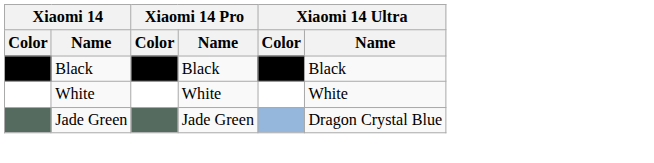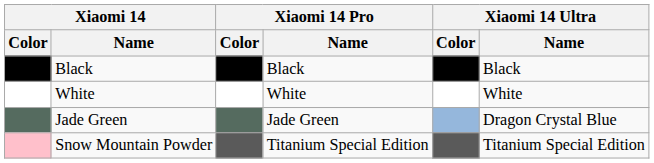 <table class="wikitable">
 <tr>
 <th colspan="2">Xiaomi 14</th>
 <th colspan="2">Xiaomi 14 Pro</th>
 <th colspan="2">Xiaomi 14 Ultra</th>
 </tr>
 <tr>
 <th>Color</th>
 <th>Name</th>
 <th>Color</th>
 <th>Name</th>
 <th>Color</th>
 <th>Name</th>
 </tr>
 <tr>
 <td bgcolor="black"></td>
 <td>Black</td>
 <td bgcolor="black"></td>
 <td>Black</td>
 <td bgcolor="black"></td>
 <td>Black</td>
 </tr>
 <tr>
 <td bgcolor="white"></td>
 <td>White</td>
 <td bgcolor="white"></td>
 <td>White</td>
 <td bgcolor="white"></td>
 <td>White</td>
 </tr>
 <tr>
 <td bgcolor="#556b5f"></td>
 <td>Jade Green</td>
 <td bgcolor="#556b5f"></td>
 <td>Jade Green</td>
 <td bgcolor="#95b7dc"></td>
 <td>Dragon Crystal Blue</td>
 </tr>
+<tr>
+<td bgcolor="pink"></td>
+<td>Snow Mountain Powder</td>
+<td bgcolor="#5a5a5a"></td>
+<td>Titanium Special Edition</td>
+<td bgcolor="5a5a5a"></td>
+<td>Titanium Special Edition</td>
+</tr>
 </table>
